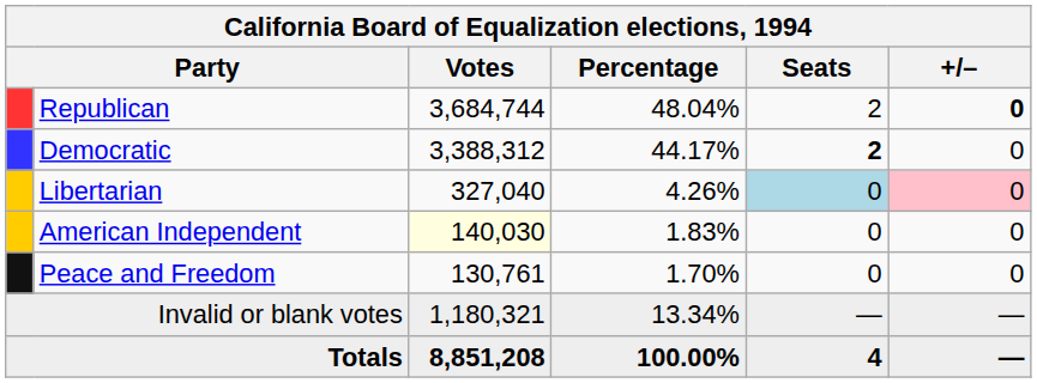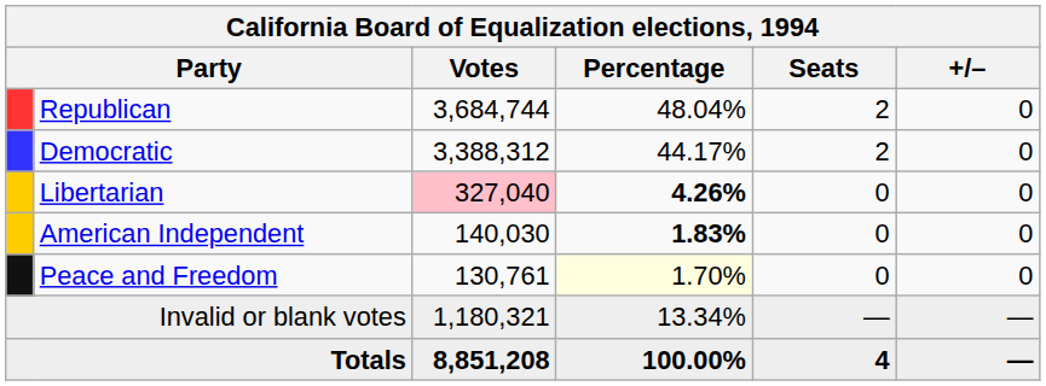 <table class="wikitable" style="font-size:95%;">
 <tr>
 <th colspan="6">California Board of Equalization elections, 1994</th>
 </tr>
 <tr>
 <th colspan=2 style="width: 15em">Party</th>
 <th style="width: 5em">Votes</th>
 <th style="width: 7em">Percentage</th>
 <th style="width: 5em">Seats</th>
 <th style="width: 5em">+/–</th>
 </tr>
 <tr>
 <th style="background-color:#FF3333; width: 3px"></th>
 <td style="width: 130px"><a href='#'>Republican</a></td>
 <td align="right">3,684,744</td>
 <td align="right">48.04%</td>
 <td align="right">2</td>
-<td align="right"><strong>0</strong></td>
+<td align="right">0</td>
 </tr>
 <tr>
 <th style="background-color:#3333FF; width: 3px"></th>
 <td style="width: 130px"><a href='#'>Democratic</a></td>
 <td align="right">3,388,312</td>
 <td align="right">44.17%</td>
-<td align="right"><strong>2</strong></td>
+<td align="right">2</td>
 <td align="right">0</td>
 </tr>
 <tr>
 <th style="background-color:#FFCC00; width: 3px"></th>
 <td style="width: 130px"><a href='#'>Libertarian</a></td>
-<td align="right">327,040</td>
-<td align="right">4.26%</td>
-<td align="right" style="background: lightblue;">0</td>
-<td align="right" style="background: pink;">0</td>
+<td align="right" style="background: pink;">327,040</td>
+<td align="right"><strong>4.26%</strong></td>
+<td align="right">0</td>
+<td align="right">0</td>
 </tr>
 <tr>
 <th style="background-color:#FFCC00; width: 3px"></th>
 <td style="width: 130px"><a href='#'>American Independent</a></td>
-<td align="right" style="background: lightyellow;">140,030</td>
-<td align="right">1.83%</td>
+<td align="right">140,030</td>
+<td align="right"><strong>1.83%</strong></td>
 <td align="right">0</td>
 <td align="right">0</td>
 </tr>
 <tr>
 <th style="background-color:#111111; width: 3px"></th>
 <td style="width: 130px"><a href='#'>Peace and Freedom</a></td>
 <td align="right">130,761</td>
-<td align="right">1.70%</td>
+<td align="right" style="background: lightyellow;">1.70%</td>
 <td align="right">0</td>
 <td align="right">0</td>
 </tr>
 <tr bgcolor="#EEEEEE">
 <td colspan="2" align="right">Invalid or blank votes</td>
 <td align="right">1,180,321</td>
 <td align="right">13.34%</td>
 <td align="right">—</td>
 <td align="right">—</td>
 </tr>
 <tr bgcolor="#EEEEEE">
 <td colspan="2" align="right"><strong>Totals</strong></td>
 <td align="right"><strong>8,851,208</strong></td>
 <td align="right"><strong>100.00%</strong></td>
 <td align="right"><strong>4</strong></td>
 <td align="right"><strong>—</strong></td>
 </tr>
 </table>
